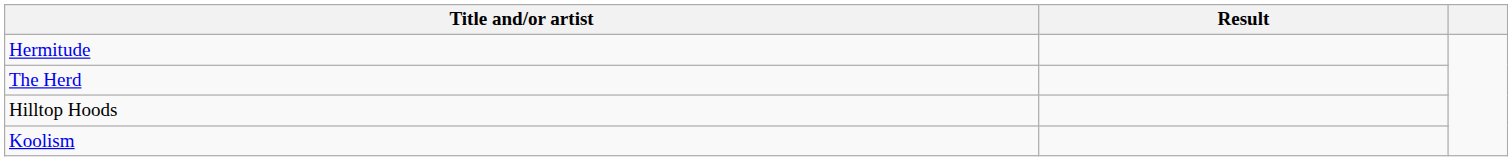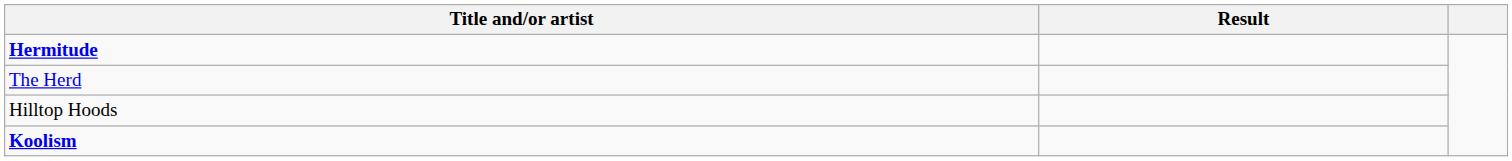 <table class="wikitable" width="100%">
 <tr>
 <th scope="col">Title and/or artist</th>
 <th scope="col">Result</th>
 <th scope="col"></th>
 </tr>
 <tr>
-<td><a href='#'>Hermitude</a></td>
+<td><strong><a href='#'>Hermitude</a></strong></td>
 <td></td>
 <td rowspan="4"></td>
 </tr>
 <tr>
 <td><a href='#'>The Herd</a></td>
 <td></td>
 </tr>
 <tr>
 <td>Hilltop Hoods</td>
 <td></td>
 </tr>
 <tr>
-<td><a href='#'>Koolism</a></td>
+<td><strong><a href='#'>Koolism</a></strong></td>
 <td></td>
 </tr>
 </table>
